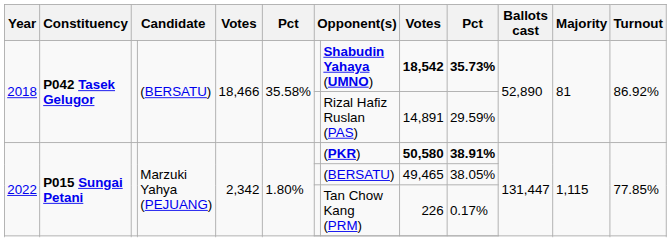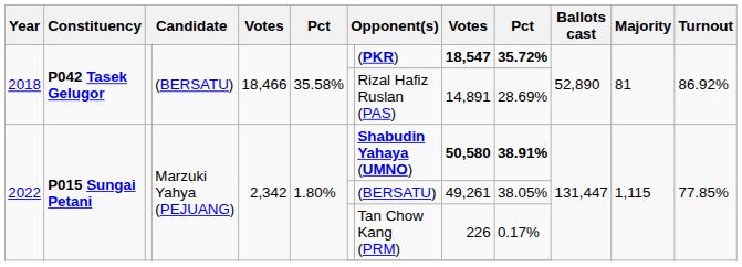 <table class="wikitable" style="margin:0.5em ; font-size:95%">
 <tr>
 <th>Year</th>
 <th>Constituency</th>
 <th colspan=2>Candidate</th>
 <th>Votes</th>
 <th>Pct</th>
 <th colspan=2>Opponent(s)</th>
 <th>Votes</th>
 <th>Pct</th>
 <th>Ballots cast</th>
 <th>Majority</th>
 <th>Turnout</th>
 </tr>
 <tr>
 <td rowspan=2><a href='#'>2018</a></td>
 <td rowspan=2><strong>P042 <a href='#'>Tasek Gelugor</a></strong></td>
 <td rowspan=2 ></td>
 <td rowspan=2> (<a href='#'>BERSATU</a>)</td>
 <td rowspan=2 align="right">18,466</td>
 <td rowspan=2>35.58%</td>
 <td></td>
-<td><strong><a href='#'>Shabudin Yahaya</a></strong> (<a href='#'><strong>UMNO</strong></a>)</td>
-<td align="right"><strong>18,542</strong></td>
-<td><strong>35.73%</strong></td>
+<td> (<a href='#'><strong>PKR</strong></a>)</td>
+<td align="right"><strong>18,547</strong></td>
+<td><strong>35.72%</strong></td>
 <td rowspan=2>52,890</td>
 <td rowspan=2>81</td>
 <td rowspan=2>86.92%</td>
 </tr>
 <tr>
 <td></td>
 <td>Rizal Hafiz Ruslan (<a href='#'>PAS</a>)</td>
 <td align="right">14,891</td>
-<td align="right">29.59%</td>
+<td align="right">28.69%</td>
 </tr>
 <tr>
 <td rowspan="4"><a href='#'>2022</a></td>
 <td rowspan="4"><strong>P015 <a href='#'>Sungai Petani</a></strong></td>
 <td rowspan=4 ></td>
 <td rowspan=4>Marzuki Yahya (<a href='#'>PEJUANG</a>)</td>
 <td rowspan=4 align="right">2,342</td>
 <td rowspan=4align="right">1.80%</td>
 <td></td>
-<td> (<a href='#'><strong>PKR</strong></a>)</td>
+<td><strong><a href='#'>Shabudin Yahaya</a></strong> (<a href='#'><strong>UMNO</strong></a>)</td>
 <td align="right"><strong>50,580</strong></td>
 <td><strong>38.91%</strong></td>
 <td rowspan=4>131,447</td>
 <td rowspan=4>1,115</td>
 <td rowspan=4>77.85%</td>
 </tr>
 <tr>
 <td bgcolor=></td>
 <td> (<a href='#'>BERSATU</a>)</td>
-<td align="right">49,465</td>
+<td align="right">49,261</td>
 <td>38.05%</td>
 </tr>
 <tr>
 <td bgcolor=></td>
 <td>Tan Chow Kang (<a href='#'>PRM</a>)</td>
 <td align="right">226</td>
 <td>0.17%</td>
 </tr>
 <tr>
 </tr>
 </table>
